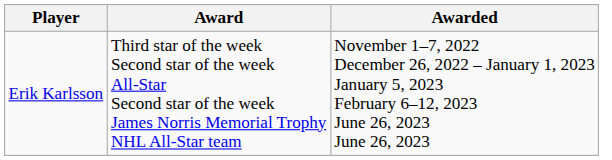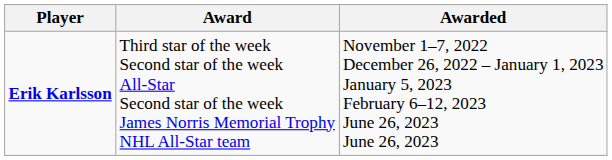 <table class="wikitable sortable">
 <tr>
 <th>Player</th>
 <th>Award</th>
 <th>Awarded</th>
 </tr>
 <tr>
-<td><a href='#'>Erik Karlsson</a></td>
+<td><strong><a href='#'>Erik Karlsson</a></strong></td>
 <td>Third star of the week<br>Second star of the week<br><a href='#'>All-Star</a><br>Second star of the week<br><a href='#'>James Norris Memorial Trophy</a><br><a href='#'>NHL All-Star team</a></td>
 <td>November 1–7, 2022<br>December 26, 2022 – January 1, 2023<br>January 5, 2023<br>February 6–12, 2023<br>June 26, 2023<br>June 26, 2023</td>
 </tr>
 </table>
